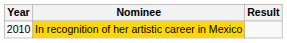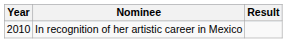 <table class="wikitable">
 <tr style="background:#b0c4de;">
 <th>Year</th>
 <th>Nominee</th>
 <th>Result</th>
 </tr>
 <tr>
 <td>2010</td>
-<td style="background: gold;">In recognition of her artistic career in Mexico</td>
+<td>In recognition of her artistic career in Mexico</td>
 <td></td>
 </tr>
 </table>
